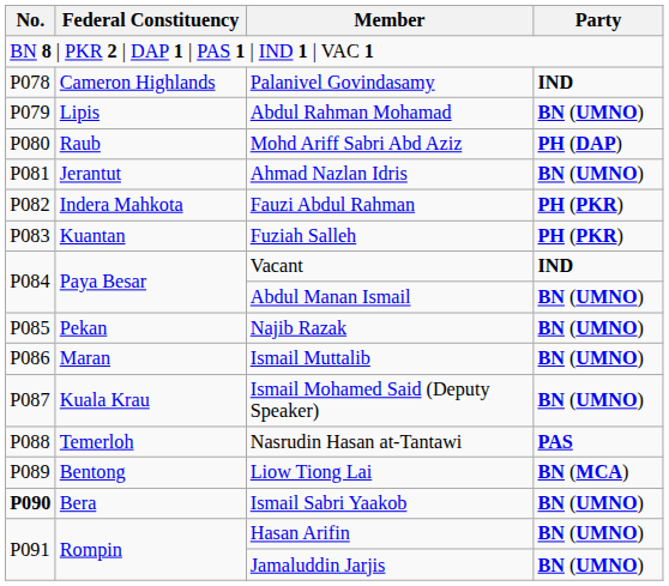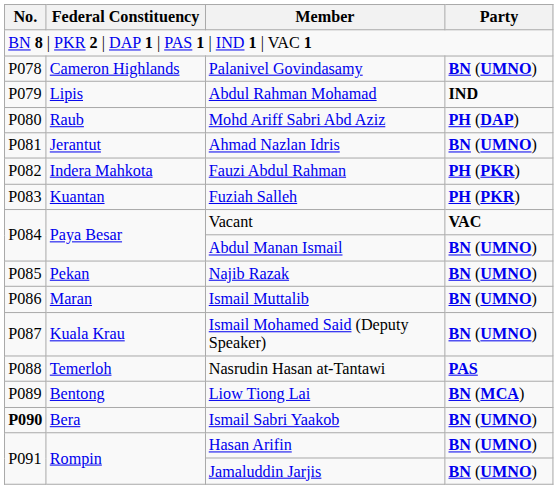 <table class ="wikitable sortable">
 <tr>
 <th style="width:30px;">No.</th>
 <th style="width:150px;">Federal Constituency</th>
 <th style="width:230px;">Member</th>
 <th style="width:100px;">Party</th>
 </tr>
 <tr>
 <td colspan="4"><a href='#'>BN</a> <strong>8</strong> | <a href='#'>PKR</a> <strong>2</strong> | <a href='#'>DAP</a> <strong>1</strong> | <a href='#'>PAS</a> <strong>1</strong> | <a href='#'>IND</a> <strong>1</strong> | VAC <strong>1</strong></td>
 </tr>
 <tr>
 <td>P078</td>
 <td><a href='#'>Cameron Highlands</a></td>
 <td><a href='#'>Palanivel Govindasamy</a></td>
-<td><strong>IND</strong></td>
+<td><strong><a href='#'>BN</a></strong> (<strong><a href='#'>UMNO</a></strong>)</td>
 </tr>
 <tr>
 <td>P079</td>
 <td><a href='#'>Lipis</a></td>
 <td><a href='#'>Abdul Rahman Mohamad</a></td>
-<td><strong><a href='#'>BN</a></strong> (<strong><a href='#'>UMNO</a></strong>)</td>
+<td><strong>IND</strong></td>
 </tr>
 <tr>
 <td>P080</td>
 <td><a href='#'>Raub</a></td>
 <td><a href='#'>Mohd Ariff Sabri Abd Aziz</a></td>
 <td><strong><a href='#'>PH</a></strong> (<strong><a href='#'>DAP</a></strong>)</td>
 </tr>
 <tr>
 <td>P081</td>
 <td><a href='#'>Jerantut</a></td>
 <td><a href='#'>Ahmad Nazlan Idris</a></td>
 <td><strong><a href='#'>BN</a></strong> (<strong><a href='#'>UMNO</a></strong>)</td>
 </tr>
 <tr>
 <td>P082</td>
 <td><a href='#'>Indera Mahkota</a></td>
 <td><a href='#'>Fauzi Abdul Rahman</a></td>
 <td><strong><a href='#'>PH</a></strong> (<strong><a href='#'>PKR</a></strong>)</td>
 </tr>
 <tr>
 <td>P083</td>
 <td><a href='#'>Kuantan</a></td>
 <td><a href='#'>Fuziah Salleh</a></td>
 <td><strong><a href='#'>PH</a></strong> (<strong><a href='#'>PKR</a></strong>)</td>
 </tr>
 <tr>
 <td rowspan="2">P084</td>
 <td rowspan="2"><a href='#'>Paya Besar</a></td>
 <td>Vacant </td>
-<td><strong>IND</strong></td>
+<td><strong>VAC</strong></td>
 </tr>
 <tr>
 <td><a href='#'>Abdul Manan Ismail</a>  </td>
 <td><strong><a href='#'>BN</a></strong> (<strong><a href='#'>UMNO</a></strong>)</td>
 </tr>
 <tr>
 <td>P085</td>
 <td><a href='#'>Pekan</a></td>
 <td><a href='#'>Najib Razak</a></td>
 <td><strong><a href='#'>BN</a></strong> (<strong><a href='#'>UMNO</a></strong>)</td>
 </tr>
 <tr>
 <td>P086</td>
 <td><a href='#'>Maran</a></td>
 <td><a href='#'>Ismail Muttalib</a></td>
 <td><strong><a href='#'>BN</a></strong> (<strong><a href='#'>UMNO</a></strong>)</td>
 </tr>
 <tr>
 <td>P087</td>
 <td><a href='#'>Kuala Krau</a></td>
 <td><a href='#'>Ismail Mohamed Said</a> (Deputy Speaker)</td>
 <td><strong><a href='#'>BN</a></strong> (<strong><a href='#'>UMNO</a></strong>)</td>
 </tr>
 <tr>
 <td>P088</td>
 <td><a href='#'>Temerloh</a></td>
 <td>Nasrudin Hasan at-Tantawi</td>
 <td><strong><a href='#'>PAS</a></strong></td>
 </tr>
 <tr>
 <td>P089</td>
 <td><a href='#'>Bentong</a></td>
 <td><a href='#'>Liow Tiong Lai</a></td>
 <td><strong><a href='#'>BN</a></strong> (<strong><a href='#'>MCA</a></strong>)</td>
 </tr>
 <tr>
 <td><strong>P090</strong></td>
 <td><a href='#'>Bera</a></td>
 <td><a href='#'>Ismail Sabri Yaakob</a></td>
 <td><strong><a href='#'>BN</a></strong> (<strong><a href='#'>UMNO</a></strong>)</td>
 </tr>
 <tr>
 <td rowspan=2>P091</td>
 <td rowspan=2><a href='#'>Rompin</a></td>
 <td><a href='#'>Hasan Arifin</a> </td>
 <td><strong><a href='#'>BN</a></strong> (<strong><a href='#'>UMNO</a></strong>)</td>
 </tr>
 <tr>
 <td><a href='#'>Jamaluddin Jarjis</a> </td>
 <td><strong><a href='#'>BN</a></strong> (<strong><a href='#'>UMNO</a></strong>)</td>
 </tr>
 </table>
